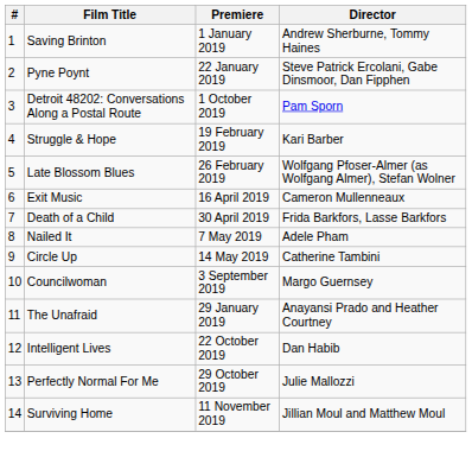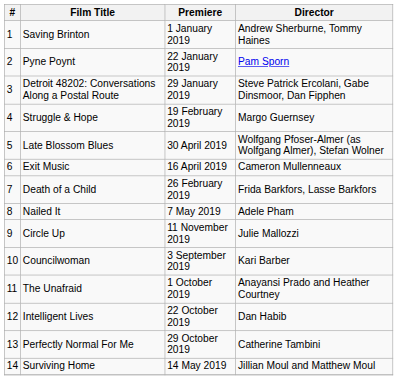 <table class="wikitable sortable">
 <tr>
 <th>#</th>
 <th>Film Title</th>
 <th>Premiere</th>
 <th>Director</th>
 </tr>
 <tr>
 <td>1</td>
 <td>Saving Brinton</td>
 <td>1 January 2019</td>
 <td>Andrew Sherburne, Tommy Haines</td>
 </tr>
 <tr>
 <td>2</td>
 <td>Pyne Poynt</td>
 <td>22 January 2019</td>
-<td>Steve Patrick Ercolani, Gabe Dinsmoor, Dan Fipphen</td>
+<td><a href='#'>Pam Sporn</a></td>
 </tr>
 <tr>
 <td>3</td>
 <td>Detroit 48202: Conversations Along a Postal Route</td>
-<td>1 October 2019</td>
-<td><a href='#'>Pam Sporn</a></td>
+<td>29 January 2019</td>
+<td>Steve Patrick Ercolani, Gabe Dinsmoor, Dan Fipphen</td>
 </tr>
 <tr>
 <td>4</td>
 <td>Struggle & Hope</td>
 <td>19 February 2019</td>
-<td>Kari Barber</td>
+<td>Margo Guernsey</td>
 </tr>
 <tr>
 <td>5</td>
 <td>Late Blossom Blues</td>
-<td>26 February 2019</td>
+<td>30 April 2019</td>
 <td>Wolfgang Pfoser-Almer (as Wolfgang Almer), Stefan Wolner</td>
 </tr>
 <tr>
 <td>6</td>
 <td>Exit Music</td>
 <td>16 April 2019</td>
 <td>Cameron Mullenneaux</td>
 </tr>
 <tr>
 <td>7</td>
 <td>Death of a Child</td>
-<td>30 April 2019</td>
+<td>26 February 2019</td>
 <td>Frida Barkfors, Lasse Barkfors</td>
 </tr>
 <tr>
 <td>8</td>
 <td>Nailed It</td>
 <td>7 May 2019</td>
 <td>Adele Pham</td>
 </tr>
 <tr>
 <td>9</td>
 <td>Circle Up</td>
-<td>14 May 2019</td>
-<td>Catherine Tambini</td>
+<td>11 November 2019</td>
+<td>Julie Mallozzi</td>
 </tr>
 <tr>
 <td>10</td>
 <td>Councilwoman</td>
 <td>3 September 2019</td>
-<td>Margo Guernsey</td>
+<td>Kari Barber</td>
 </tr>
 <tr>
 <td>11</td>
 <td>The Unafraid</td>
-<td>29 January 2019</td>
+<td>1 October 2019</td>
 <td>Anayansi Prado and Heather Courtney</td>
 </tr>
 <tr>
 <td>12</td>
 <td>Intelligent Lives</td>
 <td>22 October 2019</td>
 <td>Dan Habib</td>
 </tr>
 <tr>
 <td>13</td>
 <td>Perfectly Normal For Me</td>
 <td>29 October 2019</td>
-<td>Julie Mallozzi</td>
+<td>Catherine Tambini</td>
 </tr>
 <tr>
 <td>14</td>
 <td>Surviving Home</td>
-<td>11 November 2019</td>
+<td>14 May 2019</td>
 <td>Jillian Moul and Matthew Moul</td>
 </tr>
 <tr>
 </tr>
 </table>
